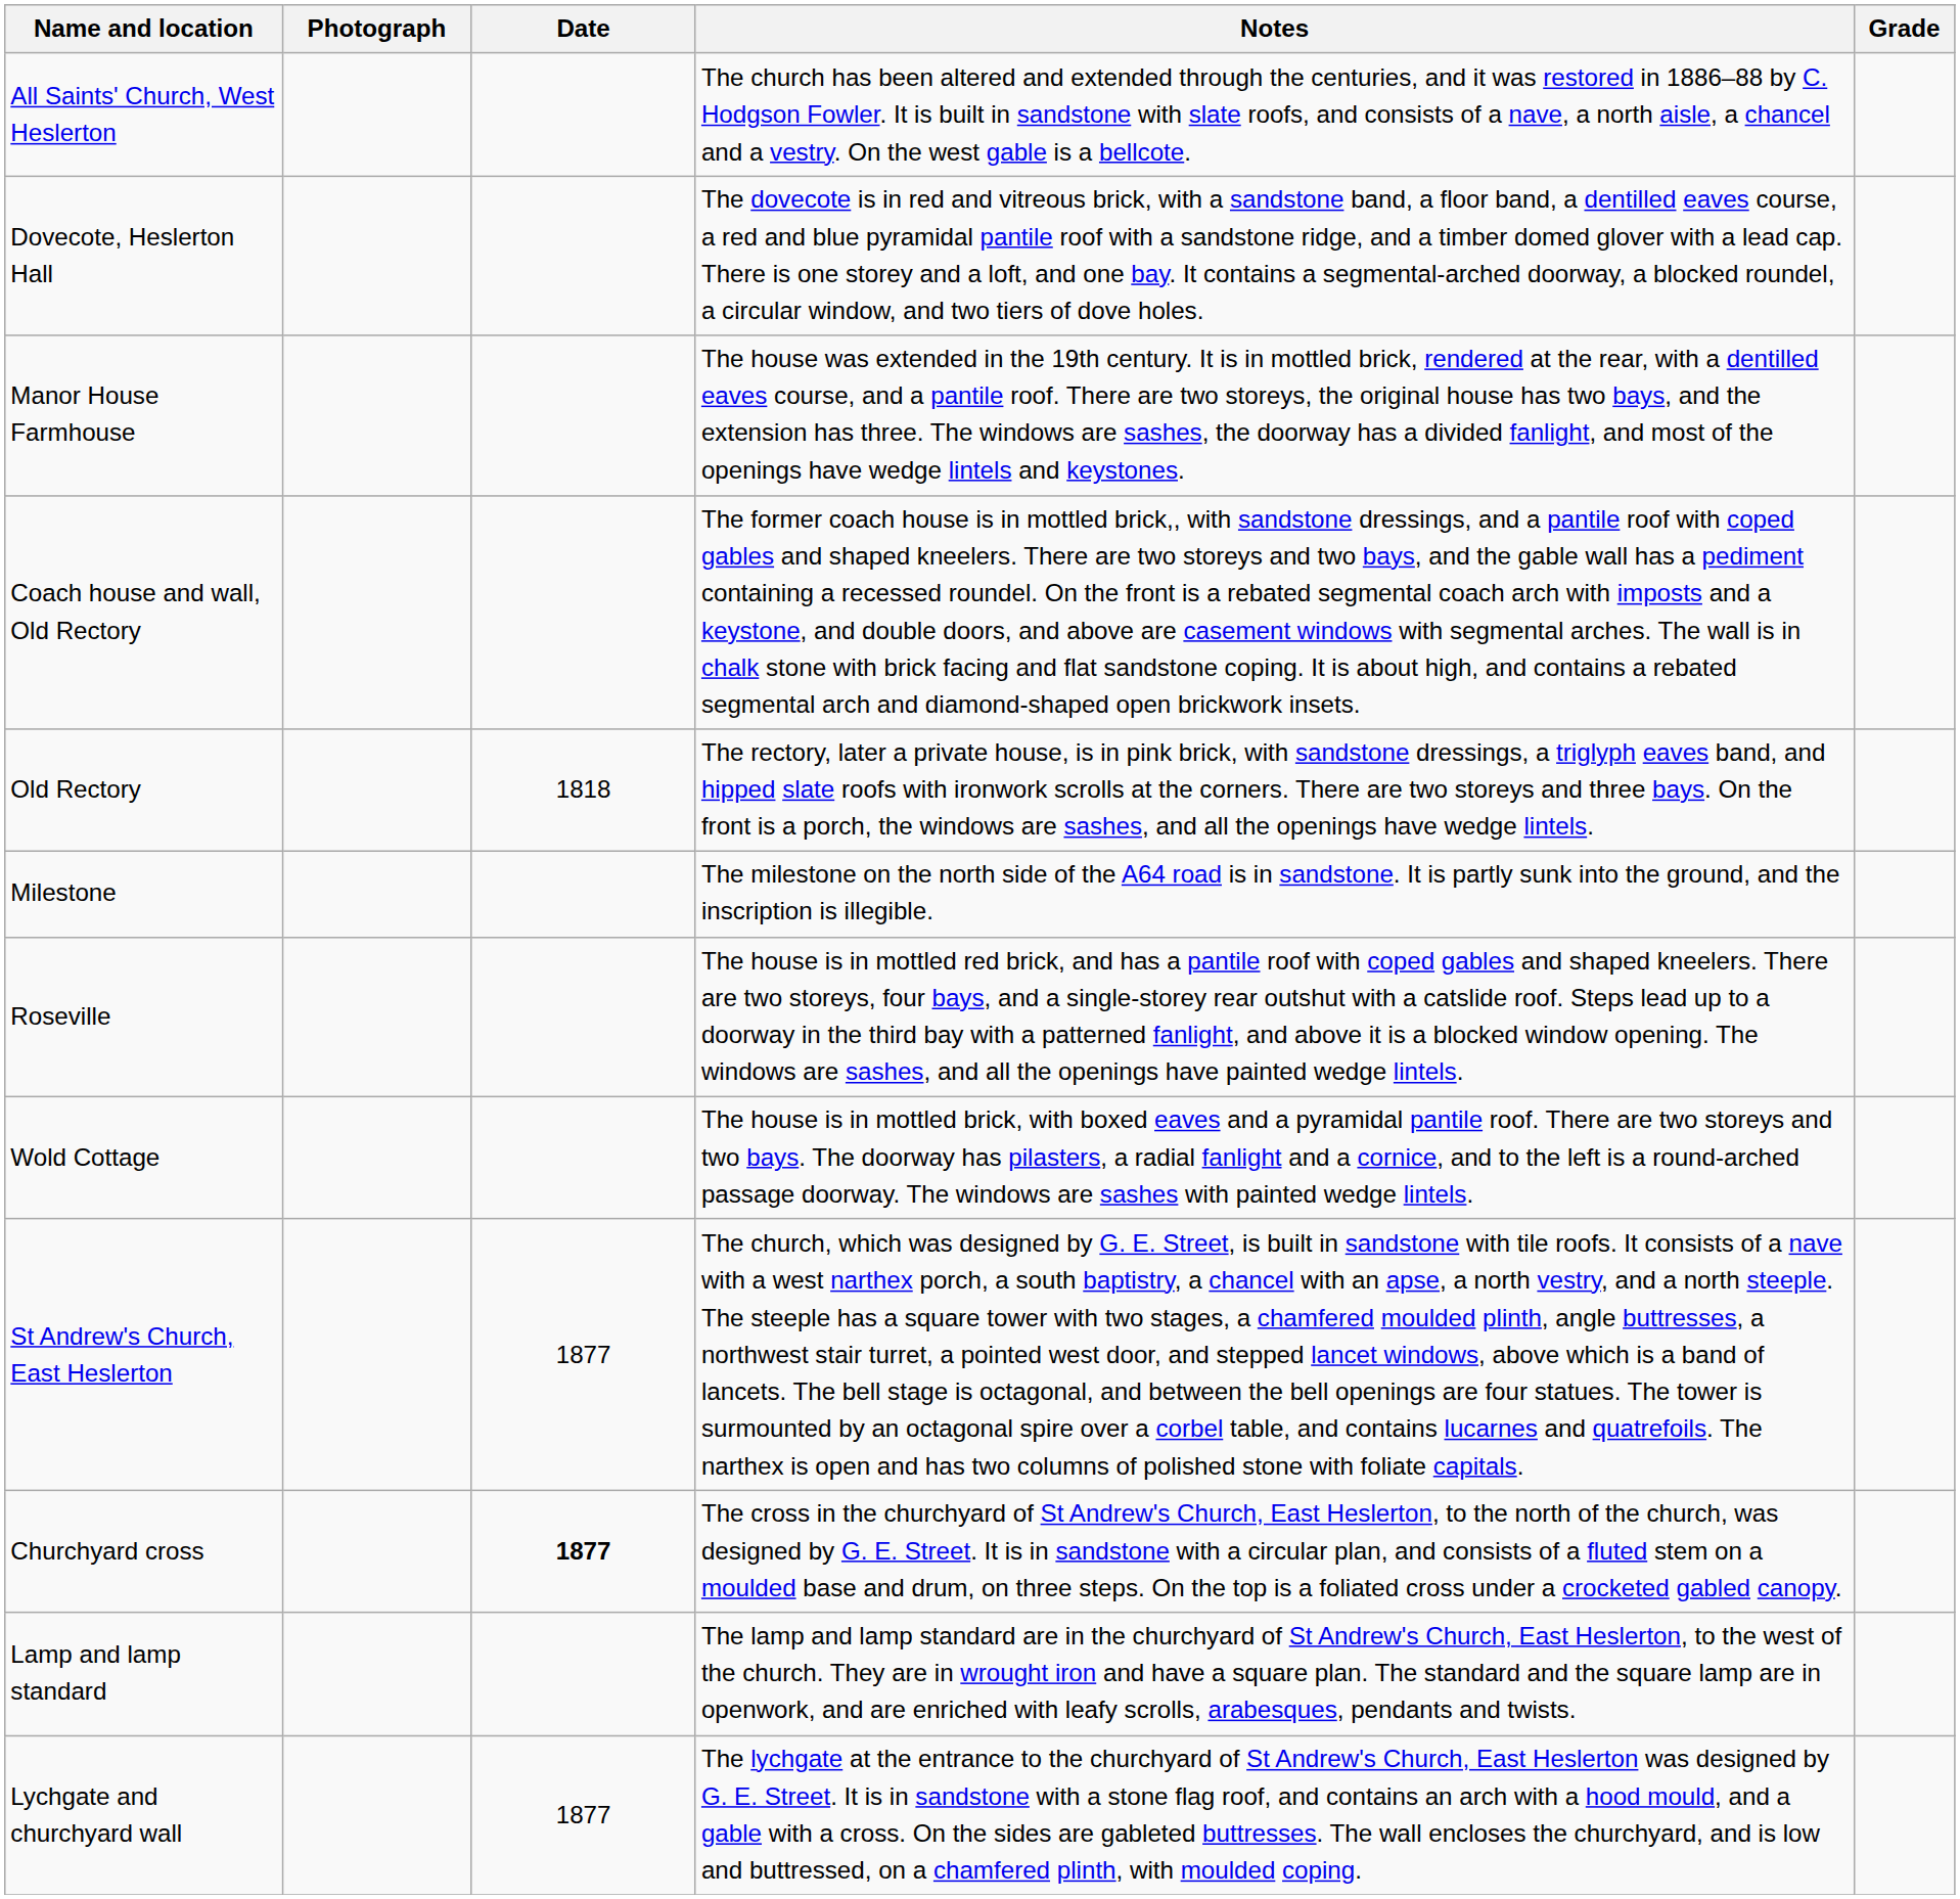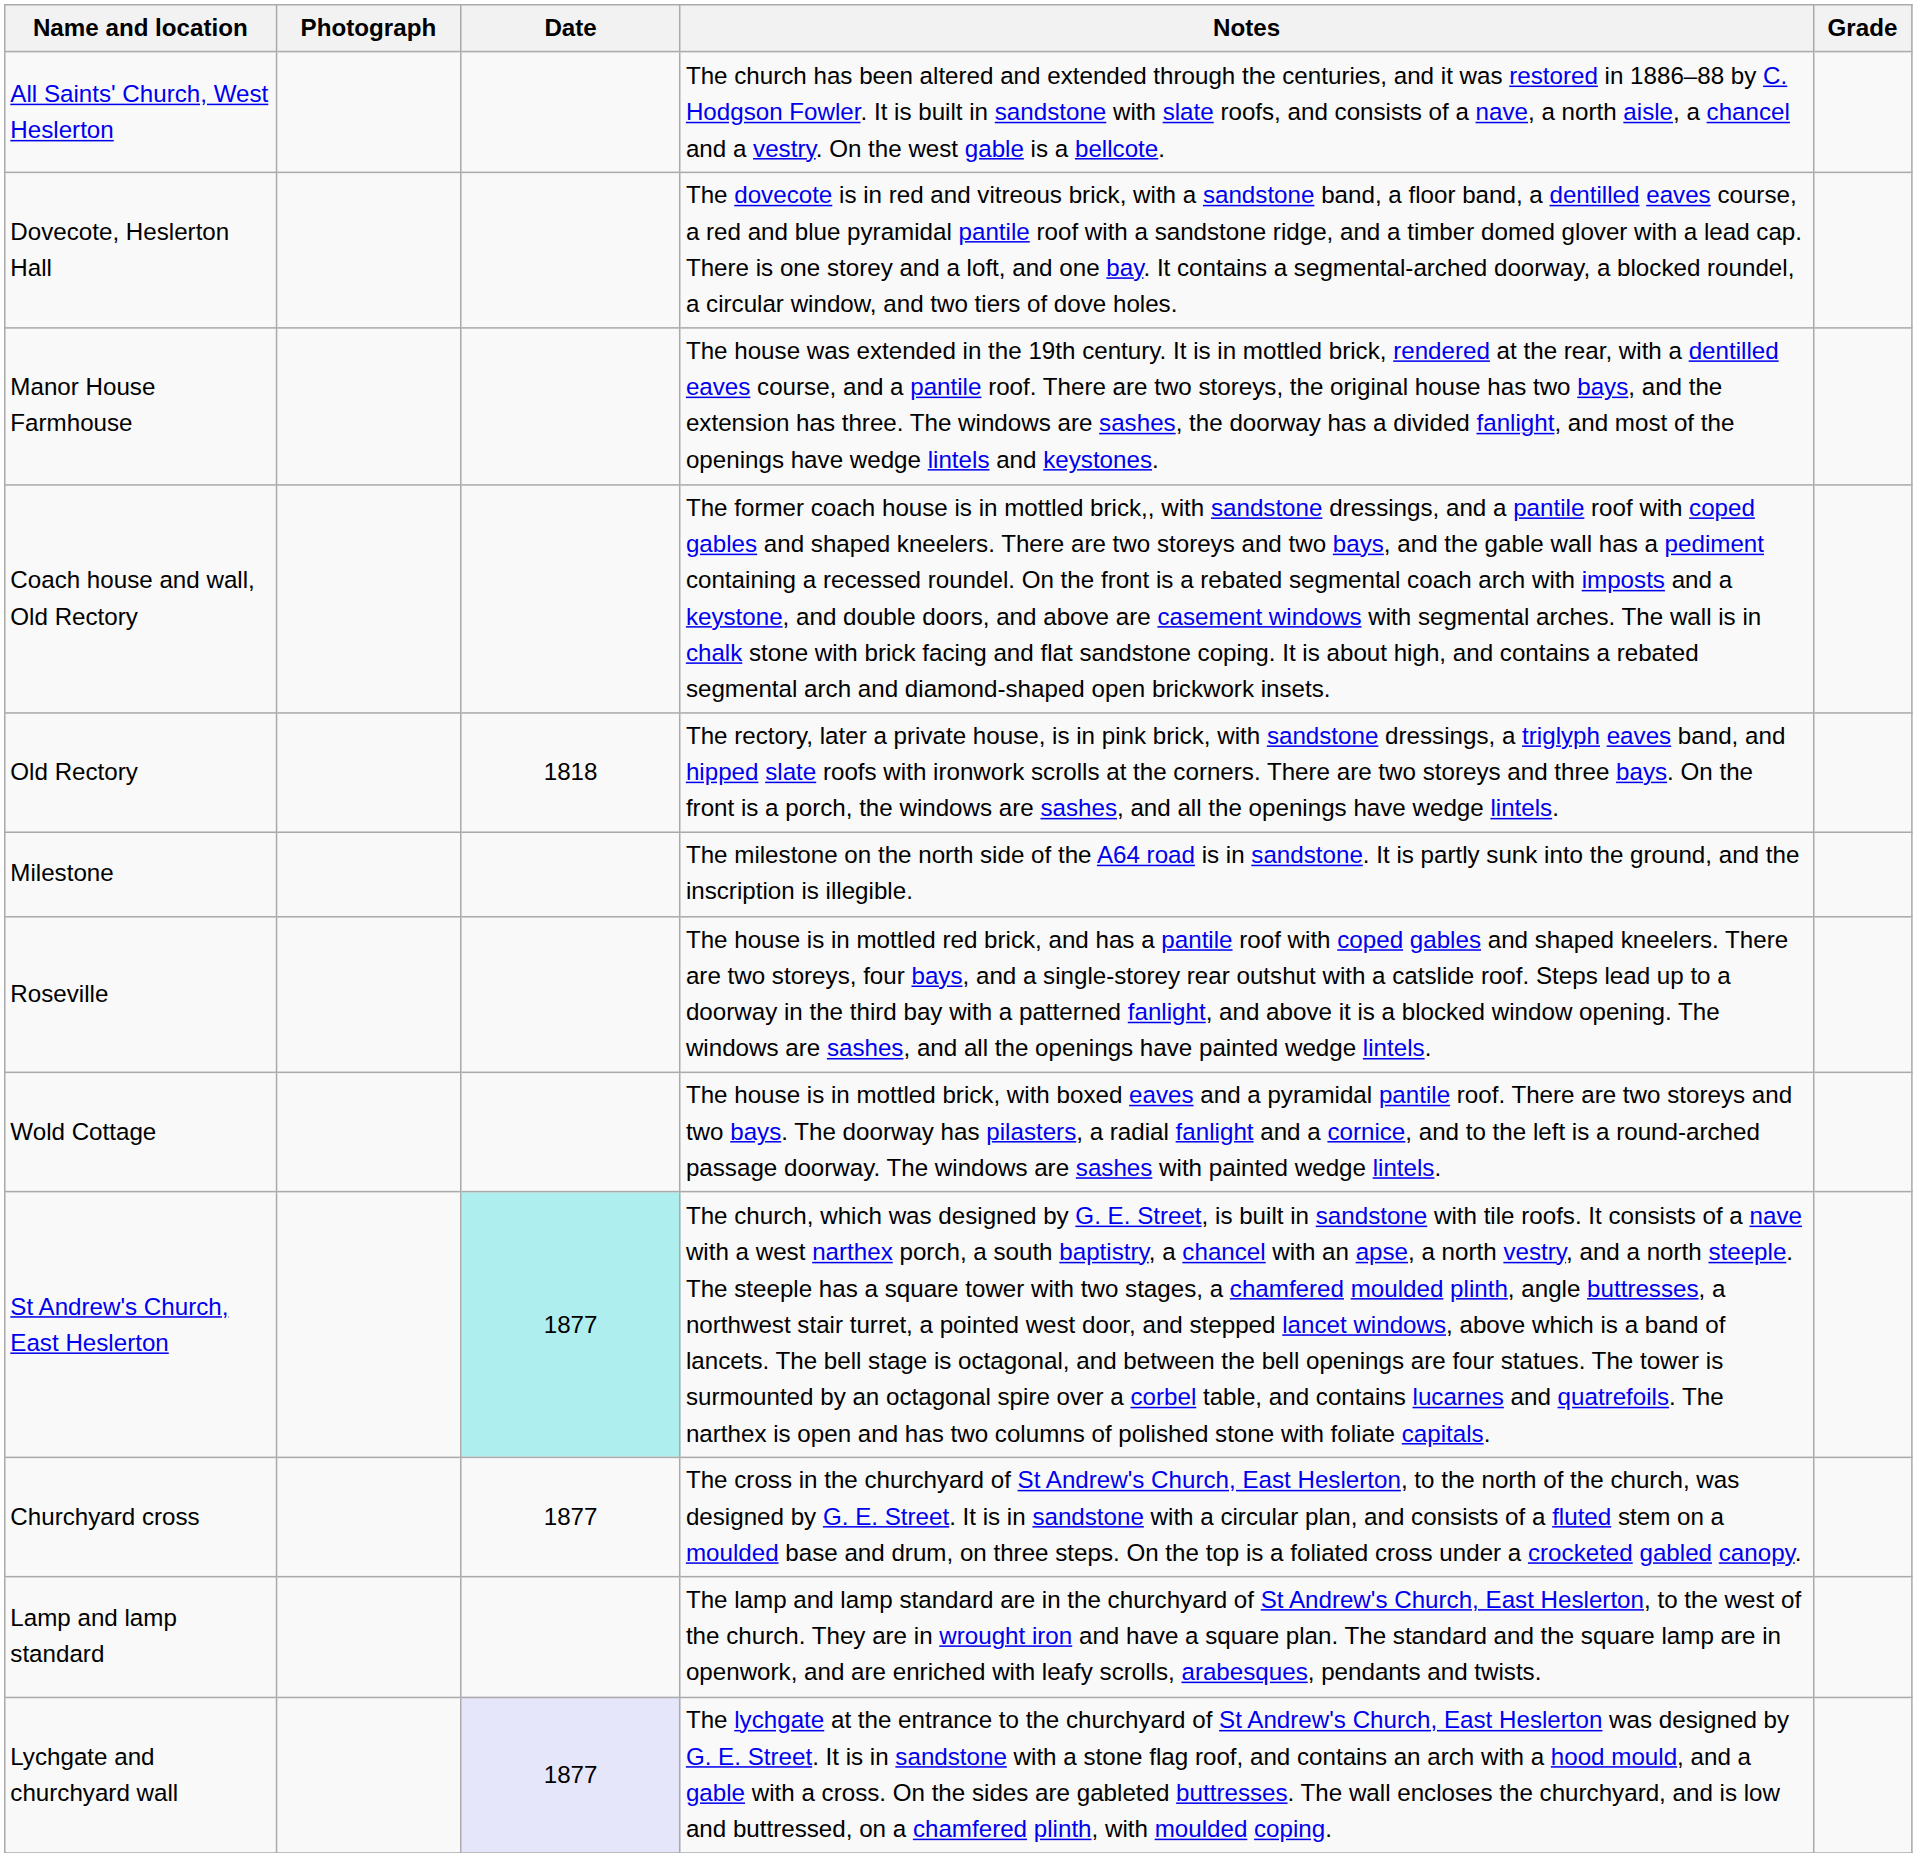 <table class="wikitable sortable plainrowheaders" style="width:100%; border:0px; text-align:left; line-height:150%">
 <tr>
 <th scope="col"  style="width:150px">Name and location</th>
 <th scope="col"  style="width:100px" class="unsortable">Photograph</th>
 <th scope="col"  style="width:120px">Date</th>
 <th scope="col"  style="width:650px" class="unsortable">Notes</th>
 <th scope="col"  style="width:50px">Grade</th>
 </tr>
 <tr>
 <td><a href='#'>All Saints' Church, West Heslerton</a><br><small></small></td>
 <td></td>
 <td align="center"></td>
 <td>The church has been altered and extended through the centuries, and it was <a href='#'>restored</a> in 1886–88 by <a href='#'>C. Hodgson Fowler</a>. It is built in <a href='#'>sandstone</a> with <a href='#'>slate</a> roofs, and consists of a <a href='#'>nave</a>, a north <a href='#'>aisle</a>, a <a href='#'>chancel</a> and a <a href='#'>vestry</a>. On the west <a href='#'>gable</a> is a <a href='#'>bellcote</a>.</td>
 <td align="center" ></td>
 </tr>
 <tr>
 <td>Dovecote, Heslerton Hall<br><small></small></td>
 <td></td>
 <td align="center"></td>
 <td>The <a href='#'>dovecote</a> is in red and vitreous brick, with a <a href='#'>sandstone</a> band, a floor band, a <a href='#'>dentilled</a> <a href='#'>eaves</a> course, a red and blue pyramidal <a href='#'>pantile</a> roof with a sandstone ridge, and a timber domed glover with a lead cap. There is one storey and a loft, and one <a href='#'>bay</a>. It contains a segmental-arched doorway, a blocked roundel, a circular window, and two tiers of dove holes.</td>
 <td align="center" ></td>
 </tr>
 <tr>
 <td>Manor House Farmhouse<br><small></small></td>
 <td></td>
 <td align="center"></td>
 <td>The house was extended in the 19th century. It is in mottled brick, <a href='#'>rendered</a> at the rear, with a <a href='#'>dentilled</a> <a href='#'>eaves</a> course, and a <a href='#'>pantile</a> roof. There are two storeys, the original house has two <a href='#'>bays</a>, and the extension has three. The windows are <a href='#'>sashes</a>, the doorway has a divided <a href='#'>fanlight</a>, and most of the openings have wedge <a href='#'>lintels</a> and <a href='#'>keystones</a>.</td>
 <td align="center" ></td>
 </tr>
 <tr>
 <td>Coach house and wall, Old Rectory<br><small></small></td>
 <td></td>
 <td align="center"></td>
 <td>The former coach house is in mottled brick,, with <a href='#'>sandstone</a> dressings, and a <a href='#'>pantile</a> roof with <a href='#'>coped</a> <a href='#'>gables</a> and shaped kneelers. There are two storeys and two <a href='#'>bays</a>, and the gable wall has a <a href='#'>pediment</a> containing a recessed roundel. On the front is a rebated segmental coach arch with <a href='#'>imposts</a> and a <a href='#'>keystone</a>, and double doors, and above are <a href='#'>casement windows</a> with segmental arches. The wall is in <a href='#'>chalk</a> stone with brick facing and flat sandstone coping. It is about  high, and contains a rebated segmental arch and diamond-shaped open brickwork insets.</td>
 <td align="center" ></td>
 </tr>
 <tr>
 <td>Old Rectory<br><small></small></td>
 <td></td>
 <td align="center">1818</td>
 <td>The rectory, later a private house, is in pink brick, with <a href='#'>sandstone</a> dressings, a <a href='#'>triglyph</a> <a href='#'>eaves</a> band, and <a href='#'>hipped</a> <a href='#'>slate</a> roofs with ironwork scrolls at the corners. There are two storeys and three <a href='#'>bays</a>. On the front is a porch, the windows are <a href='#'>sashes</a>, and all the openings have wedge <a href='#'>lintels</a>.</td>
 <td align="center" ></td>
 </tr>
 <tr>
 <td>Milestone<br><small></small></td>
 <td></td>
 <td align="center"></td>
 <td>The milestone on the north side of the <a href='#'>A64 road</a> is in <a href='#'>sandstone</a>. It is partly sunk into the ground, and the inscription is illegible.</td>
 <td align="center" ></td>
 </tr>
 <tr>
 <td>Roseville<br><small></small></td>
 <td></td>
 <td align="center"></td>
 <td>The house is in mottled red brick, and has a <a href='#'>pantile</a> roof with <a href='#'>coped</a> <a href='#'>gables</a> and shaped kneelers. There are two storeys, four <a href='#'>bays</a>, and a single-storey rear outshut with a catslide roof. Steps lead up to a doorway in the third bay with a patterned <a href='#'>fanlight</a>, and above it is a blocked window opening. The windows are <a href='#'>sashes</a>, and all the openings have painted wedge <a href='#'>lintels</a>.</td>
 <td align="center" ></td>
 </tr>
 <tr>
 <td>Wold Cottage<br><small></small></td>
 <td></td>
 <td align="center"></td>
 <td>The house is in mottled brick, with boxed <a href='#'>eaves</a> and a pyramidal <a href='#'>pantile</a> roof. There are two storeys and two <a href='#'>bays</a>. The doorway has <a href='#'>pilasters</a>, a radial <a href='#'>fanlight</a> and a <a href='#'>cornice</a>, and to the left is a round-arched passage doorway. The windows are <a href='#'>sashes</a> with painted wedge <a href='#'>lintels</a>.</td>
 <td align="center" ></td>
 </tr>
 <tr>
 <td><a href='#'>St Andrew's Church, East Heslerton</a><br><small></small></td>
 <td></td>
-<td align="center">1877</td>
+<td align="center" style="background: paleturquoise;">1877</td>
 <td>The church, which was designed by <a href='#'>G. E. Street</a>, is built in <a href='#'>sandstone</a> with tile roofs. It consists of a <a href='#'>nave</a> with a west <a href='#'>narthex</a> porch, a south <a href='#'>baptistry</a>, a <a href='#'>chancel</a> with an <a href='#'>apse</a>, a north <a href='#'>vestry</a>, and a north <a href='#'>steeple</a>. The steeple has a square tower with two stages, a <a href='#'>chamfered</a> <a href='#'>moulded</a> <a href='#'>plinth</a>, angle <a href='#'>buttresses</a>, a northwest stair turret, a pointed west door, and stepped <a href='#'>lancet windows</a>, above which is a band of lancets. The bell stage is octagonal, and between the bell openings are four statues. The tower is surmounted by an octagonal spire over a <a href='#'>corbel</a> table, and contains <a href='#'>lucarnes</a> and <a href='#'>quatrefoils</a>. The narthex is open and has two columns of polished stone with foliate <a href='#'>capitals</a>.</td>
 <td align="center" ></td>
 </tr>
 <tr>
 <td>Churchyard cross<br><small></small></td>
 <td></td>
-<td align="center"><strong>1877</strong></td>
+<td align="center">1877</td>
 <td>The cross in the churchyard of <a href='#'>St Andrew's Church, East Heslerton</a>, to the north of the church, was designed by <a href='#'>G. E. Street</a>. It is in <a href='#'>sandstone</a> with a circular plan, and consists of a <a href='#'>fluted</a> stem on a <a href='#'>moulded</a> base and drum, on three steps. On the top is a foliated cross under a <a href='#'>crocketed</a> <a href='#'>gabled</a> <a href='#'>canopy</a>.</td>
 <td align="center" ></td>
 </tr>
 <tr>
 <td>Lamp and lamp standard<br><small></small></td>
 <td></td>
 <td align="center"></td>
 <td>The lamp and lamp standard are in the churchyard of <a href='#'>St Andrew's Church, East Heslerton</a>, to the west of the church.  They are in <a href='#'>wrought iron</a> and have a square plan.  The standard and the square lamp are in openwork, and are enriched with leafy scrolls, <a href='#'>arabesques</a>, pendants and twists.</td>
 <td align="center" ></td>
 </tr>
 <tr>
 <td>Lychgate and churchyard wall<br><small></small></td>
 <td></td>
-<td align="center">1877</td>
+<td align="center" style="background: lavender;">1877</td>
 <td>The <a href='#'>lychgate</a> at the entrance to the churchyard of <a href='#'>St Andrew's Church, East Heslerton</a> was designed by <a href='#'>G. E. Street</a>. It is in <a href='#'>sandstone</a> with a stone flag roof, and contains an arch with a <a href='#'>hood mould</a>, and a <a href='#'>gable</a> with a cross. On the sides are gableted <a href='#'>buttresses</a>. The wall encloses the churchyard, and is low and buttressed, on a <a href='#'>chamfered</a> <a href='#'>plinth</a>, with <a href='#'>moulded</a> <a href='#'>coping</a>.</td>
 <td align="center" ></td>
 </tr>
 <tr>
 </tr>
 </table>
